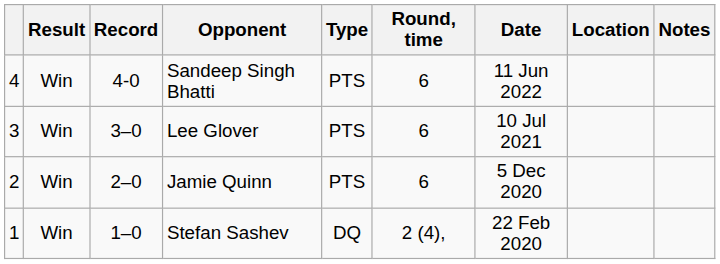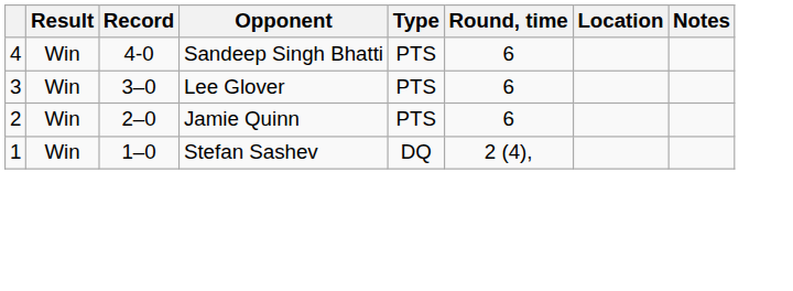 <table class="wikitable" style="text-align:center;">
 <tr>
 <th></th>
 <th>Result</th>
 <th>Record</th>
 <th>Opponent</th>
 <th>Type</th>
 <th>Round, time</th>
-<th>Date</th>
 <th>Location</th>
 <th>Notes</th>
 </tr>
 <tr>
 <td>4</td>
 <td>Win</td>
 <td>4-0</td>
 <td style="text-align:left;">Sandeep Singh Bhatti</td>
 <td>PTS</td>
 <td>6</td>
-<td>11 Jun 2022</td>
 <td style="text-align:left;"></td>
 <td></td>
 </tr>
 <tr>
 <td>3</td>
 <td>Win</td>
 <td>3–0</td>
 <td style="text-align:left;">Lee Glover</td>
 <td>PTS</td>
 <td>6</td>
-<td>10 Jul 2021</td>
 <td style="text-align:left;"></td>
 <td></td>
 </tr>
 <tr>
 <td>2</td>
 <td>Win</td>
 <td>2–0</td>
 <td style="text-align:left;">Jamie Quinn</td>
 <td>PTS</td>
 <td>6</td>
-<td>5 Dec 2020</td>
 <td style="text-align:left;"></td>
 <td></td>
 </tr>
 <tr>
 <td>1</td>
 <td>Win</td>
 <td>1–0</td>
 <td style="text-align:left;">Stefan Sashev</td>
 <td>DQ</td>
 <td>2 (4), </td>
-<td>22 Feb 2020</td>
 <td style="text-align:left;"></td>
 <td style="text-align:left;"></td>
 </tr>
 </table>
